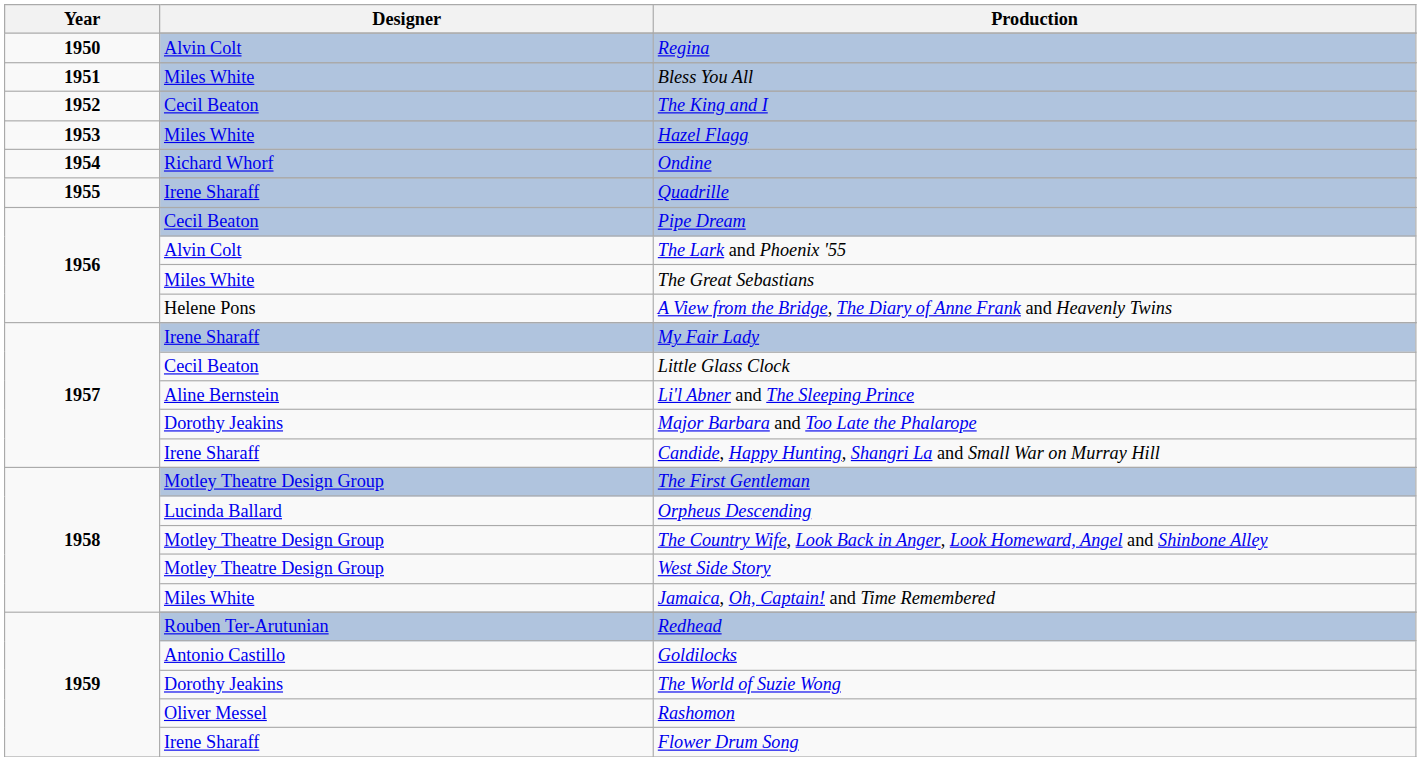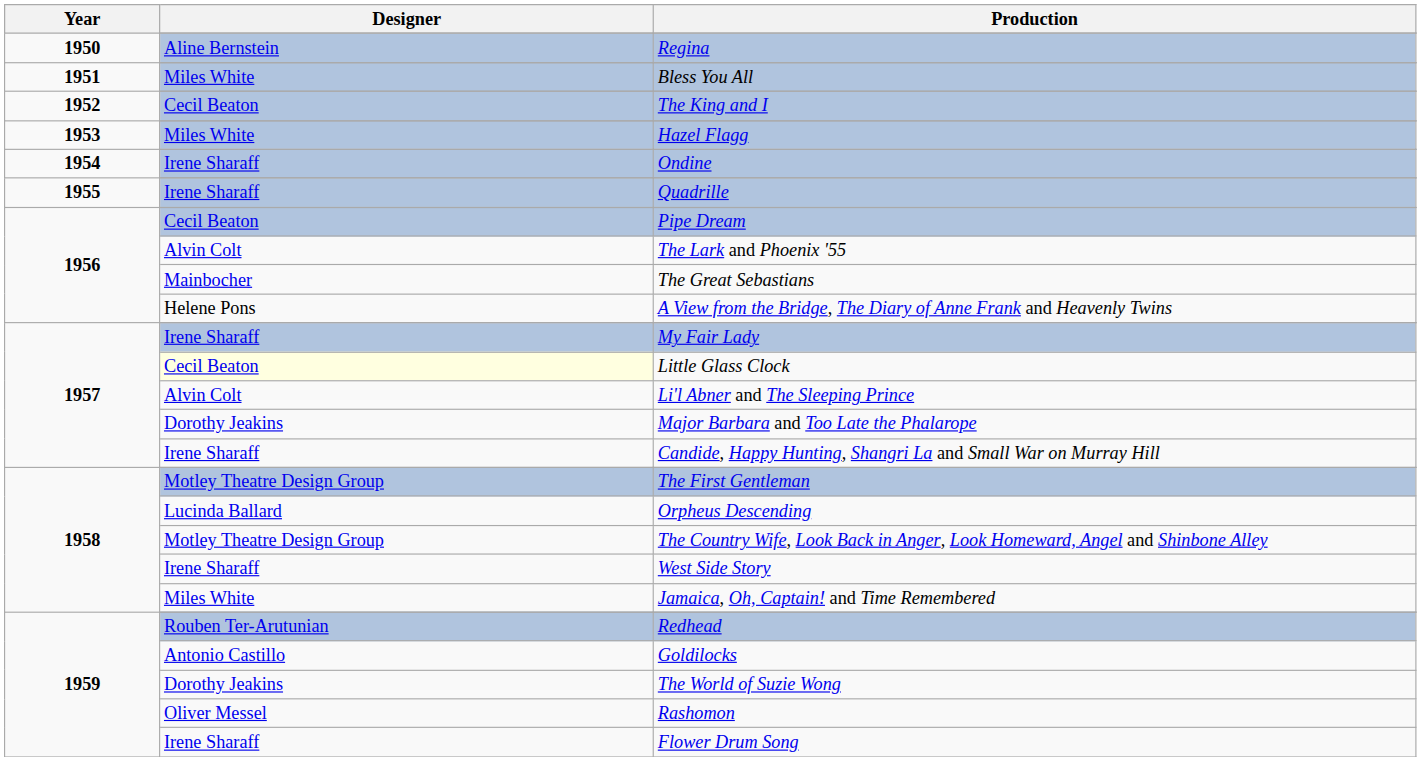 <table class="wikitable" style="width:98%;">
 <tr style="background:#bebebe;">
 <th style="width:11%;">Year</th>
 <th style="width:35%;”">Designer</th>
 <th style="width:54%;”">Production</th>
 </tr>
 <tr>
 <td rowspan="2" align="center"><strong>1950</strong><br></td>
 </tr>
 <tr style="background:#B0C4DE">
-<td><a href='#'>Alvin Colt</a></td>
+<td><a href='#'>Aline Bernstein</a></td>
 <td><em><a href='#'>Regina</a></em></td>
 </tr>
 <tr>
 <td rowspan="2" align="center"><strong>1951</strong><br></td>
 </tr>
 <tr style="background:#B0C4DE">
 <td><a href='#'>Miles White</a></td>
 <td><em>Bless You All</em></td>
 </tr>
 <tr>
 <td rowspan="2" align="center"><strong>1952</strong><br></td>
 </tr>
 <tr style="background:#B0C4DE">
 <td><a href='#'>Cecil Beaton</a></td>
 <td><em><a href='#'>The King and I</a></em></td>
 </tr>
 <tr>
 <td rowspan="2" align="center"><strong>1953</strong><br></td>
 </tr>
 <tr style="background:#B0C4DE">
 <td><a href='#'>Miles White</a></td>
 <td><em><a href='#'>Hazel Flagg</a></em></td>
 </tr>
 <tr>
 <td rowspan="2 " align="center"><strong>1954</strong><br></td>
 </tr>
 <tr style="background:#B0C4DE">
-<td><a href='#'>Richard Whorf</a></td>
+<td><a href='#'>Irene Sharaff</a></td>
 <td><em><a href='#'>Ondine</a></em></td>
 </tr>
 <tr>
 <td rowspan="2" align="center"><strong>1955</strong><br></td>
 </tr>
 <tr style="background:#B0C4DE">
 <td><a href='#'>Irene Sharaff</a></td>
 <td><em><a href='#'>Quadrille</a></em></td>
 </tr>
 <tr>
 <td rowspan="5" align="center"><strong>1956</strong><br></td>
 </tr>
 <tr style="background:#B0C4DE">
 <td><a href='#'>Cecil Beaton</a></td>
 <td><em><a href='#'>Pipe Dream</a></em></td>
 </tr>
 <tr>
 <td><a href='#'>Alvin Colt</a></td>
 <td><em><a href='#'>The Lark</a></em> and <em>Phoenix '55</em></td>
 </tr>
 <tr>
-<td><a href='#'>Miles White</a></td>
+<td><a href='#'>Mainbocher</a></td>
 <td><em>The Great Sebastians</em></td>
 </tr>
 <tr>
 <td>Helene Pons</td>
 <td><em><a href='#'>A View from the Bridge</a></em>, <em><a href='#'>The Diary of Anne Frank</a></em> and <em>Heavenly Twins</em></td>
 </tr>
 <tr>
 <td rowspan="6" align="center"><strong>1957</strong><br></td>
 </tr>
 <tr style="background:#B0C4DE">
 <td><a href='#'>Irene Sharaff</a></td>
 <td><em><a href='#'>My Fair Lady</a></em></td>
 </tr>
 <tr>
-<td><a href='#'>Cecil Beaton</a></td>
+<td style="background: lightyellow;"><a href='#'>Cecil Beaton</a></td>
 <td><em>Little Glass Clock</em></td>
 </tr>
 <tr>
-<td><a href='#'>Aline Bernstein</a></td>
+<td><a href='#'>Alvin Colt</a></td>
 <td><em><a href='#'>Li'l Abner</a></em> and <em><a href='#'>The Sleeping Prince</a></em></td>
 </tr>
 <tr>
 <td><a href='#'>Dorothy Jeakins</a></td>
 <td><em><a href='#'>Major Barbara</a></em> and <em><a href='#'>Too Late the Phalarope</a></em></td>
 </tr>
 <tr>
 <td><a href='#'>Irene Sharaff</a></td>
 <td><em><a href='#'>Candide</a></em>, <em><a href='#'>Happy Hunting</a></em>, <em><a href='#'>Shangri La</a></em> and <em>Small War on Murray Hill</em></td>
 </tr>
 <tr>
 <td rowspan="6" align="center"><strong>1958</strong><br></td>
 </tr>
 <tr style="background:#B0C4DE">
 <td><a href='#'>Motley Theatre Design Group</a></td>
 <td><em><a href='#'>The First Gentleman</a></em></td>
 </tr>
 <tr>
 <td><a href='#'>Lucinda Ballard</a></td>
 <td><em><a href='#'>Orpheus Descending</a></em></td>
 </tr>
 <tr>
 <td><a href='#'>Motley Theatre Design Group</a></td>
 <td><em><a href='#'>The Country Wife</a></em>, <em><a href='#'>Look Back in Anger</a></em>, <em><a href='#'>Look Homeward, Angel</a></em> and <em><a href='#'>Shinbone Alley</a></em></td>
 </tr>
 <tr>
-<td><a href='#'>Motley Theatre Design Group</a></td>
+<td><a href='#'>Irene Sharaff</a></td>
 <td><em><a href='#'>West Side Story</a></em></td>
 </tr>
 <tr>
 <td><a href='#'>Miles White</a></td>
 <td><em><a href='#'>Jamaica</a></em>, <em><a href='#'>Oh, Captain!</a></em> and <em>Time Remembered</em></td>
 </tr>
 <tr>
 <td rowspan="6" align="center"><strong>1959</strong><br></td>
 </tr>
 <tr style="background:#B0C4DE">
 <td><a href='#'>Rouben Ter-Arutunian</a></td>
 <td><em><a href='#'>Redhead</a></em></td>
 </tr>
 <tr>
 <td><a href='#'>Antonio Castillo</a></td>
 <td><em><a href='#'>Goldilocks</a></em></td>
 </tr>
 <tr>
 <td><a href='#'>Dorothy Jeakins</a></td>
 <td><em><a href='#'>The World of Suzie Wong</a></em></td>
 </tr>
 <tr>
 <td><a href='#'>Oliver Messel</a></td>
 <td><em><a href='#'>Rashomon</a></em></td>
 </tr>
 <tr>
 <td><a href='#'>Irene Sharaff</a></td>
 <td><em><a href='#'>Flower Drum Song</a></em></td>
 </tr>
 </table>
